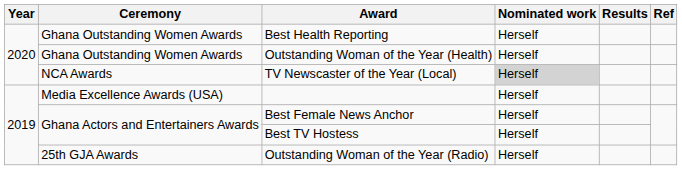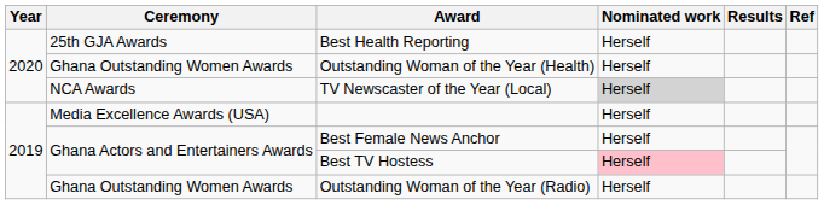 <table class="wikitable">
 <tr>
 <th>Year</th>
 <th>Ceremony</th>
 <th>Award</th>
 <th>Nominated work</th>
 <th>Results</th>
 <th>Ref</th>
 </tr>
 <tr>
 <td rowspan="3">2020</td>
-<td>Ghana Outstanding Women Awards</td>
+<td>25th GJA Awards</td>
 <td>Best Health Reporting</td>
 <td>Herself</td>
 <td></td>
 <td></td>
 </tr>
 <tr>
 <td>Ghana Outstanding Women Awards</td>
 <td>Outstanding Woman of the Year (Health)</td>
 <td>Herself</td>
 <td></td>
 <td></td>
 </tr>
 <tr>
 <td>NCA Awards</td>
 <td>TV Newscaster of the Year (Local)</td>
 <td style="background: lightgrey;">Herself</td>
 <td></td>
 <td></td>
 </tr>
 <tr>
 <td rowspan="4">2019</td>
 <td>Media Excellence Awards (USA)</td>
 <td></td>
 <td>Herself</td>
 <td></td>
 <td></td>
 </tr>
 <tr>
 <td rowspan="2">Ghana Actors and Entertainers Awards</td>
 <td>Best Female News Anchor</td>
 <td>Herself</td>
 <td></td>
 <td rowspan="2"></td>
 </tr>
 <tr>
 <td>Best TV Hostess</td>
-<td>Herself</td>
+<td style="background: pink;">Herself</td>
 <td></td>
 </tr>
 <tr>
-<td>25th GJA Awards</td>
+<td>Ghana Outstanding Women Awards</td>
 <td>Outstanding Woman of the Year (Radio)</td>
 <td>Herself</td>
 <td></td>
 <td></td>
 </tr>
 </table>
